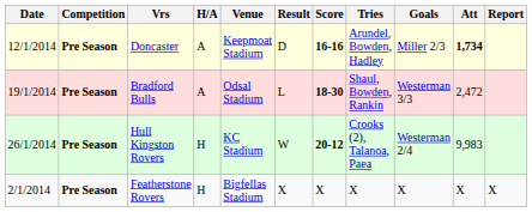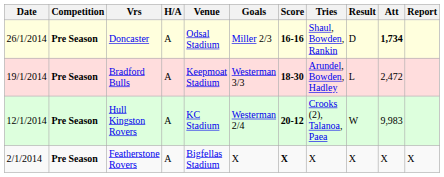 <table class="wikitable" style="font-size:100%;" width="100%">
 <tr>
 <th>Date</th>
 <th>Competition</th>
 <th>Vrs</th>
 <th>H/A</th>
 <th>Venue</th>
-<th>Result</th>
+<th>Goals</th>
 <th>Score</th>
 <th>Tries</th>
-<th>Goals</th>
+<th>Result</th>
 <th>Att</th>
 <th>Report</th>
 </tr>
 <tr style="background:#ffffdd;" width=20 | >
-<td>12/1/2014</td>
+<td>26/1/2014</td>
 <td><strong>Pre Season</strong></td>
 <td> <a href='#'>Doncaster</a></td>
 <td>A</td>
-<td><a href='#'>Keepmoat Stadium</a></td>
+<td><a href='#'>Odsal Stadium</a></td>
+<td><a href='#'>Miller</a> 2/3</td>
+<td><strong>16-16</strong></td>
+<td><a href='#'>Shaul</a>, <a href='#'>Bowden</a>, <a href='#'>Rankin</a></td>
 <td>D</td>
-<td><strong>16-16</strong></td>
-<td><a href='#'>Arundel</a>, <a href='#'>Bowden</a>, <a href='#'>Hadley</a></td>
-<td><a href='#'>Miller</a> 2/3</td>
 <td><strong>1,734</strong></td>
 <td></td>
 </tr>
 <tr style="background:#ffdddd;" width=20 | >
 <td>19/1/2014</td>
 <td><strong>Pre Season</strong></td>
 <td> <a href='#'>Bradford Bulls</a></td>
 <td>A</td>
-<td><a href='#'>Odsal Stadium</a></td>
+<td><a href='#'>Keepmoat Stadium</a></td>
+<td><a href='#'>Westerman</a> 3/3</td>
+<td><strong>18-30</strong></td>
+<td><a href='#'>Arundel</a>, <a href='#'>Bowden</a>, <a href='#'>Hadley</a></td>
 <td>L</td>
-<td><strong>18-30</strong></td>
-<td><a href='#'>Shaul</a>, <a href='#'>Bowden</a>, <a href='#'>Rankin</a></td>
-<td><a href='#'>Westerman</a> 3/3</td>
 <td>2,472</td>
 <td></td>
 </tr>
 <tr style="background:#ddffdd;" width=20 | >
-<td>26/1/2014</td>
+<td>12/1/2014</td>
 <td><strong>Pre Season</strong></td>
 <td> <a href='#'>Hull Kingston Rovers</a></td>
-<td>H</td>
+<td>A</td>
 <td><a href='#'>KC Stadium</a></td>
-<td>W</td>
+<td><a href='#'>Westerman</a> 2/4</td>
 <td><strong>20-12</strong></td>
 <td><a href='#'>Crooks</a> (2), <a href='#'>Talanoa</a>, <a href='#'>Paea</a></td>
-<td><a href='#'>Westerman</a> 2/4</td>
+<td>W</td>
 <td>9,983</td>
 <td></td>
 </tr>
 <tr style="background: width=20 | ">
 <td>2/1/2014</td>
 <td><strong>Pre Season</strong></td>
 <td> <a href='#'>Featherstone Rovers</a></td>
-<td>H</td>
+<td>A</td>
 <td><a href='#'>Bigfellas Stadium</a></td>
 <td>X</td>
-<td>X</td>
+<td><strong>X</strong></td>
 <td>X</td>
 <td>X</td>
 <td>X</td>
 <td>X</td>
 </tr>
 </table>
